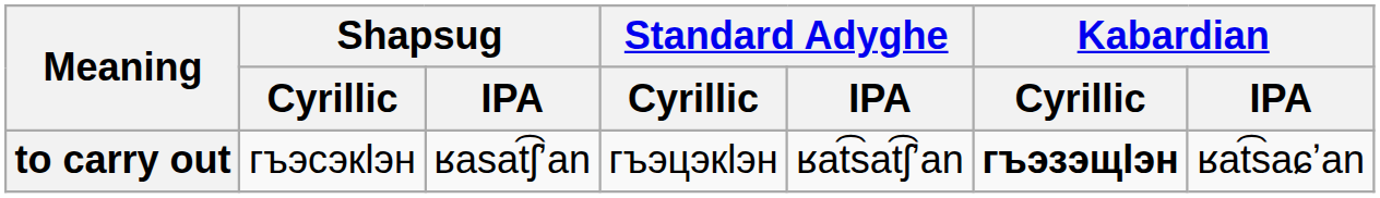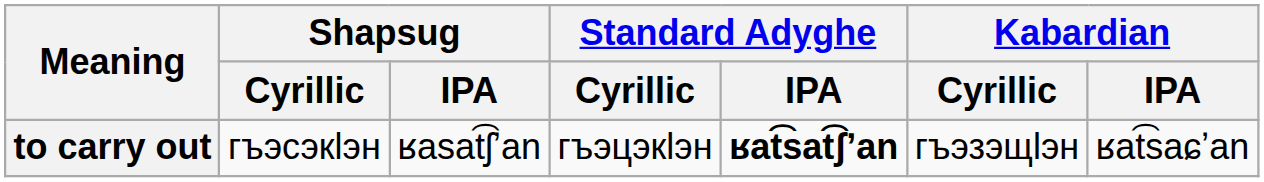 <table class="wikitable">
 <tr>
 <th rowspan="2">Meaning</th>
 <th colspan="2">Shapsug</th>
 <th colspan="2"><a href='#'>Standard Adyghe</a></th>
 <th colspan="2"><a href='#'>Kabardian</a></th>
 </tr>
 <tr>
 <th>Cyrillic</th>
 <th>IPA</th>
 <th>Cyrillic</th>
 <th>IPA</th>
 <th>Cyrillic</th>
 <th>IPA</th>
 </tr>
 <tr>
 <th>to carry out</th>
 <td>гъэсэкӏэн</td>
 <td>ʁasat͡ʃʼan</td>
 <td>гъэцэкӏэн</td>
-<td>ʁat͡sat͡ʃʼan</td>
-<td><strong>гъэзэщӏэн</strong></td>
+<td><strong>ʁat͡sat͡ʃʼan</strong></td>
+<td>гъэзэщӏэн</td>
 <td>ʁat͡saɕʼan</td>
 </tr>
 </table>
